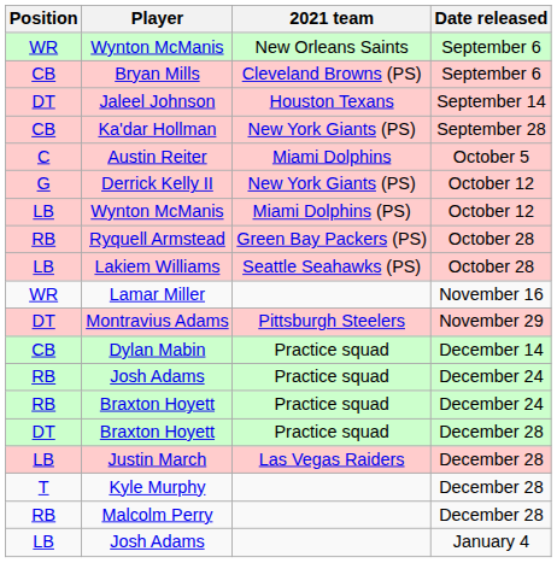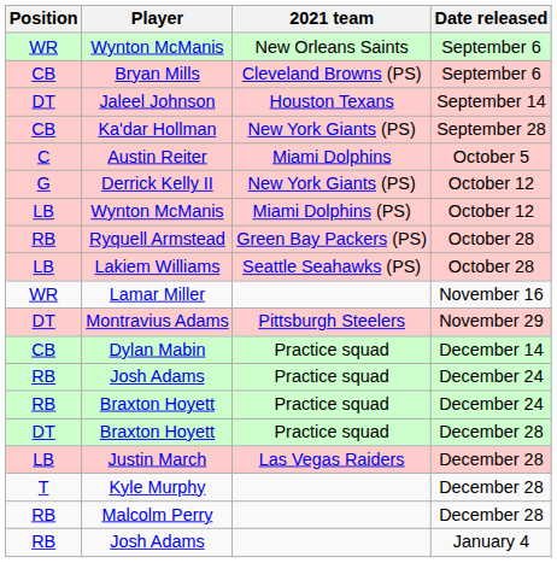 <table class="wikitable" style="text-align:center">
 <tr>
 <th>Position</th>
 <th>Player</th>
 <th>2021 team</th>
 <th>Date released</th>
 </tr>
 <tr style="background:#cfc">
 <td><a href='#'>WR</a></td>
 <td><a href='#'>Wynton McManis</a></td>
 <td>New Orleans Saints</td>
 <td>September 6</td>
 </tr>
 <tr style="background:#fcc">
 <td><a href='#'>CB</a></td>
 <td><a href='#'>Bryan Mills</a></td>
 <td><a href='#'>Cleveland Browns</a> (PS)</td>
 <td>September 6</td>
 </tr>
 <tr style="background:#fcc">
 <td><a href='#'>DT</a></td>
 <td><a href='#'>Jaleel Johnson</a></td>
 <td><a href='#'>Houston Texans</a></td>
 <td>September 14</td>
 </tr>
 <tr style="background:#fcc">
 <td><a href='#'>CB</a></td>
 <td><a href='#'>Ka'dar Hollman</a></td>
 <td><a href='#'>New York Giants</a> (PS)</td>
 <td>September 28</td>
 </tr>
 <tr style="background:#fcc">
 <td><a href='#'>C</a></td>
 <td><a href='#'>Austin Reiter</a></td>
 <td><a href='#'>Miami Dolphins</a></td>
 <td>October 5</td>
 </tr>
 <tr style="background:#fcc">
 <td><a href='#'>G</a></td>
 <td><a href='#'>Derrick Kelly II</a></td>
 <td><a href='#'>New York Giants</a> (PS)</td>
 <td>October 12</td>
 </tr>
 <tr style="background:#fcc">
 <td><a href='#'>LB</a></td>
 <td><a href='#'>Wynton McManis</a></td>
 <td><a href='#'>Miami Dolphins</a> (PS)</td>
 <td>October 12</td>
 </tr>
 <tr style="background:#fcc">
 <td><a href='#'>RB</a></td>
 <td><a href='#'>Ryquell Armstead</a></td>
 <td><a href='#'>Green Bay Packers</a> (PS)</td>
 <td>October 28</td>
 </tr>
 <tr style="background:#fcc">
 <td><a href='#'>LB</a></td>
 <td><a href='#'>Lakiem Williams</a></td>
 <td><a href='#'>Seattle Seahawks</a> (PS)</td>
 <td>October 28</td>
 </tr>
 <tr>
 <td><a href='#'>WR</a></td>
 <td><a href='#'>Lamar Miller</a></td>
 <td></td>
 <td>November 16</td>
 </tr>
 <tr style="background:#fcc">
 <td><a href='#'>DT</a></td>
 <td><a href='#'>Montravius Adams</a></td>
 <td><a href='#'>Pittsburgh Steelers</a></td>
 <td>November 29</td>
 </tr>
 <tr style="background:#cfc">
 <td><a href='#'>CB</a></td>
 <td><a href='#'>Dylan Mabin</a></td>
 <td>Practice squad</td>
 <td>December 14</td>
 </tr>
 <tr style="background:#cfc">
 <td><a href='#'>RB</a></td>
 <td><a href='#'>Josh Adams</a></td>
 <td>Practice squad</td>
 <td>December 24</td>
 </tr>
 <tr style="background:#cfc">
 <td><a href='#'>RB</a></td>
 <td><a href='#'>Braxton Hoyett</a></td>
 <td>Practice squad</td>
 <td>December 24</td>
 </tr>
 <tr style="background:#cfc">
 <td><a href='#'>DT</a></td>
 <td><a href='#'>Braxton Hoyett</a></td>
 <td>Practice squad</td>
 <td>December 28</td>
 </tr>
 <tr style="background:#fcc">
 <td><a href='#'>LB</a></td>
 <td><a href='#'>Justin March</a></td>
 <td><a href='#'>Las Vegas Raiders</a></td>
 <td>December 28</td>
 </tr>
 <tr>
 <td><a href='#'>T</a></td>
 <td><a href='#'>Kyle Murphy</a></td>
 <td></td>
 <td>December 28</td>
 </tr>
 <tr>
 <td><a href='#'>RB</a></td>
 <td><a href='#'>Malcolm Perry</a></td>
 <td></td>
 <td>December 28</td>
 </tr>
 <tr>
-<td><a href='#'>LB</a></td>
+<td><a href='#'>RB</a></td>
 <td><a href='#'>Josh Adams</a></td>
 <td></td>
 <td>January 4</td>
 </tr>
 </table>
